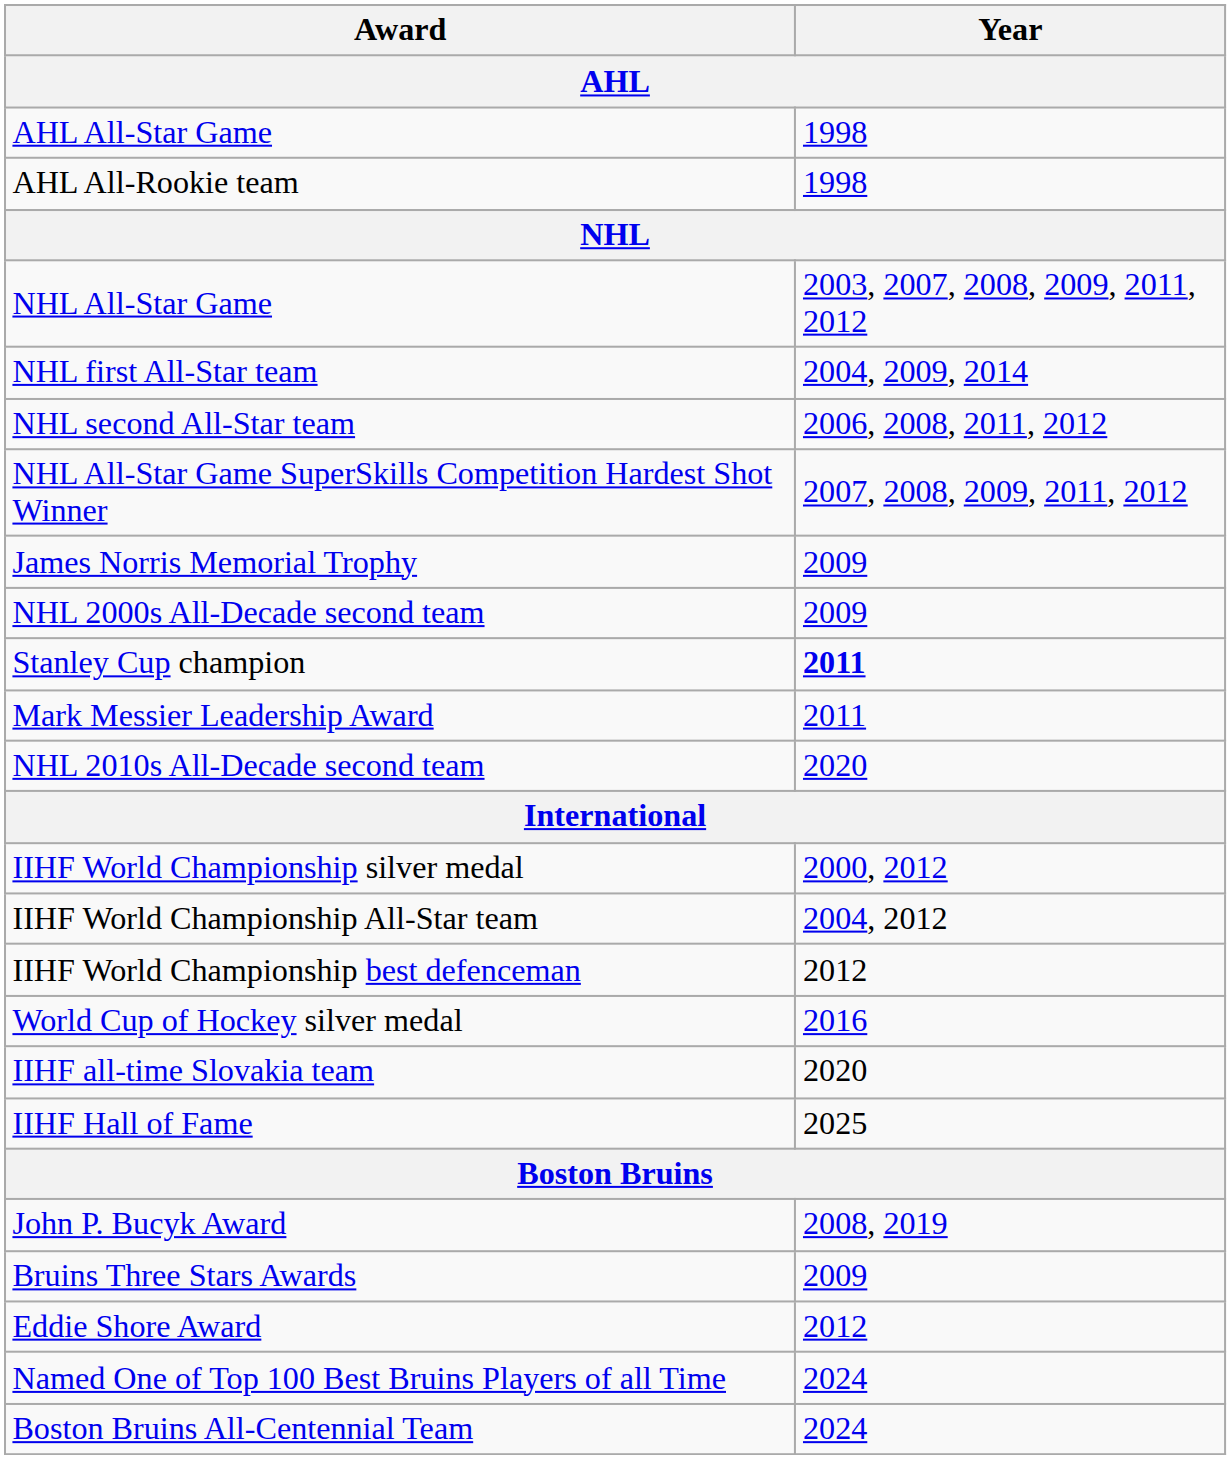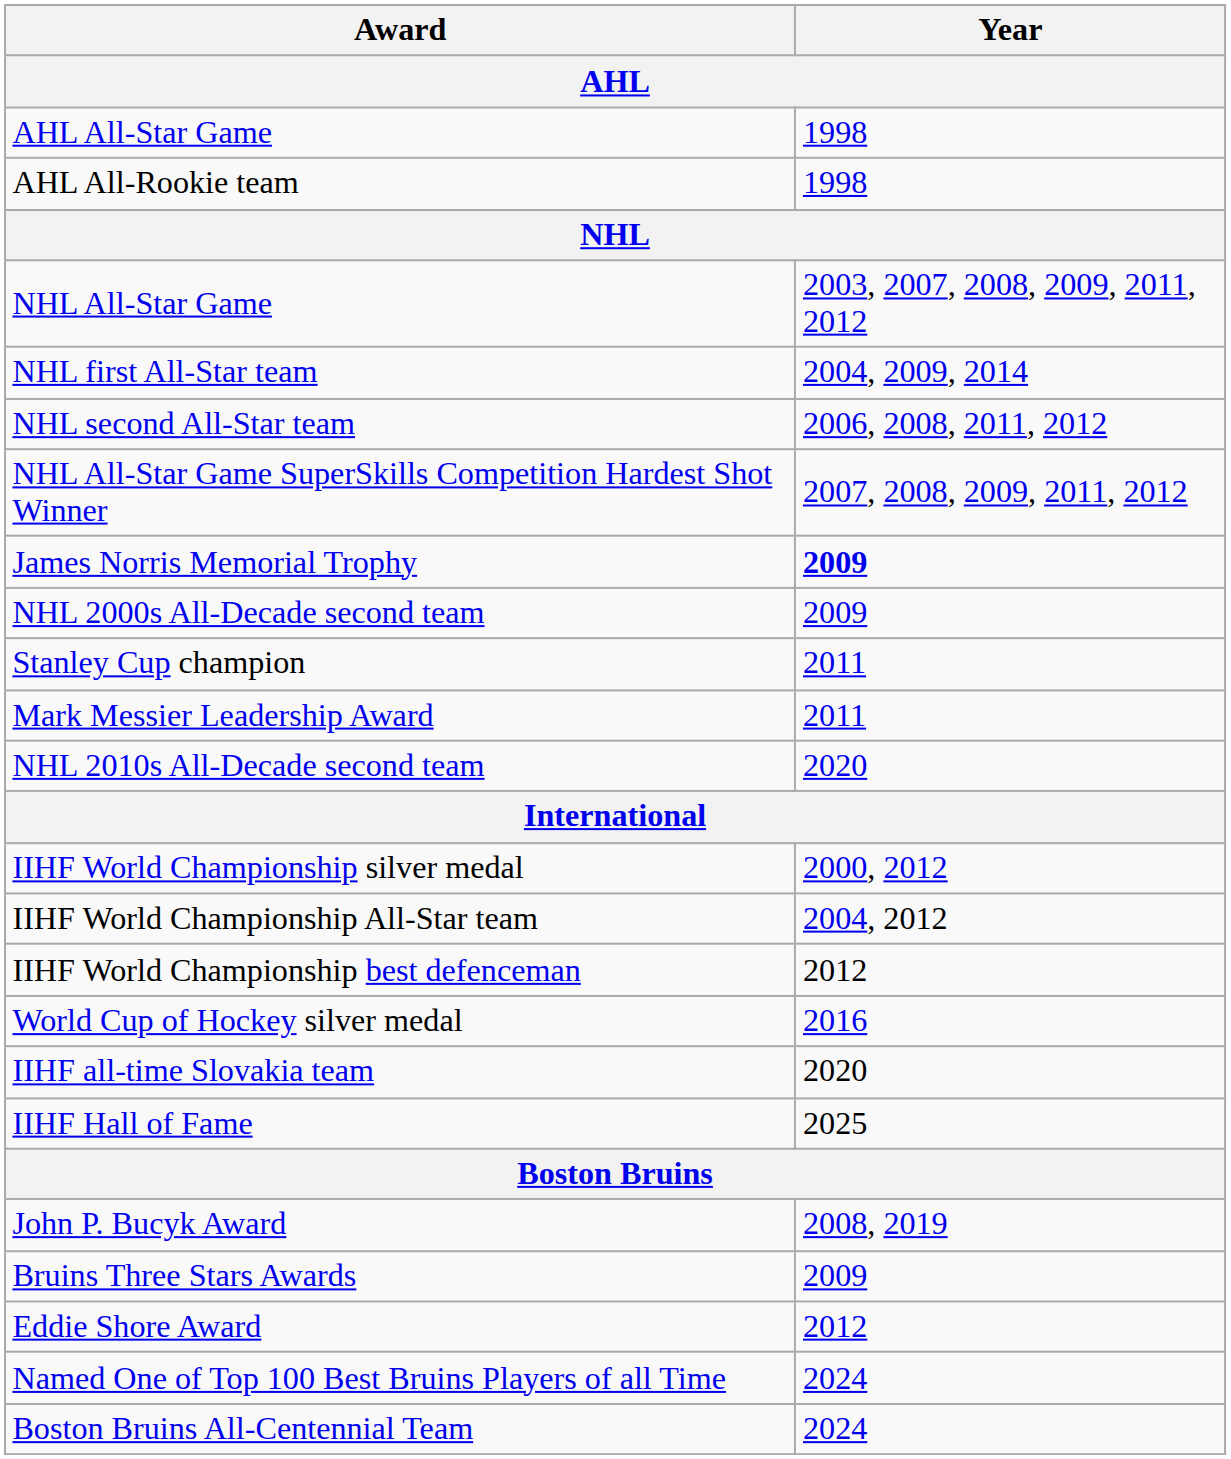 <table class="wikitable">
 <tr>
 <th>Award</th>
 <th>Year</th>
 </tr>
 <tr>
 <th colspan="2"><a href='#'>AHL</a></th>
 </tr>
 <tr>
 <td><a href='#'>AHL All-Star Game</a></td>
 <td><a href='#'>1998</a></td>
 </tr>
 <tr>
 <td>AHL All-Rookie team</td>
 <td><a href='#'>1998</a></td>
 </tr>
 <tr>
 <th colspan="2"><a href='#'>NHL</a></th>
 </tr>
 <tr>
 <td><a href='#'>NHL All-Star Game</a></td>
 <td><a href='#'>2003</a>, <a href='#'>2007</a>, <a href='#'>2008</a>, <a href='#'>2009</a>, <a href='#'>2011</a>, <a href='#'>2012</a></td>
 </tr>
 <tr>
 <td><a href='#'>NHL first All-Star team</a></td>
 <td><a href='#'>2004</a>, <a href='#'>2009</a>, <a href='#'>2014</a></td>
 </tr>
 <tr>
 <td><a href='#'>NHL second All-Star team</a></td>
 <td><a href='#'>2006</a>, <a href='#'>2008</a>, <a href='#'>2011</a>, <a href='#'>2012</a></td>
 </tr>
 <tr>
 <td><a href='#'>NHL All-Star Game SuperSkills Competition Hardest Shot Winner</a></td>
 <td><a href='#'>2007</a>, <a href='#'>2008</a>, <a href='#'>2009</a>, <a href='#'>2011</a>, <a href='#'>2012</a></td>
 </tr>
 <tr>
 <td><a href='#'>James Norris Memorial Trophy</a></td>
-<td><a href='#'>2009</a></td>
+<td><strong><a href='#'>2009</a></strong></td>
 </tr>
 <tr>
 <td><a href='#'>NHL 2000s All-Decade second team</a></td>
 <td><a href='#'>2009</a></td>
 </tr>
 <tr>
 <td><a href='#'>Stanley Cup</a> champion</td>
-<td><strong><a href='#'>2011</a></strong></td>
+<td><a href='#'>2011</a></td>
 </tr>
 <tr>
 <td><a href='#'>Mark Messier Leadership Award</a></td>
 <td><a href='#'>2011</a></td>
 </tr>
 <tr>
 <td><a href='#'>NHL 2010s All-Decade second team</a></td>
 <td><a href='#'>2020</a></td>
 </tr>
 <tr>
 <th colspan="2"><a href='#'>International</a></th>
 </tr>
 <tr>
 <td><a href='#'>IIHF World Championship</a> silver medal</td>
 <td><a href='#'>2000</a>, <a href='#'>2012</a></td>
 </tr>
 <tr>
 <td>IIHF World Championship All-Star team</td>
 <td><a href='#'>2004</a>, 2012</td>
 </tr>
 <tr>
 <td>IIHF World Championship <a href='#'>best defenceman</a></td>
 <td>2012</td>
 </tr>
 <tr>
 <td><a href='#'>World Cup of Hockey</a> silver medal</td>
 <td><a href='#'>2016</a></td>
 </tr>
 <tr>
 <td><a href='#'>IIHF all-time Slovakia team</a></td>
 <td>2020</td>
 </tr>
 <tr>
 <td><a href='#'>IIHF Hall of Fame</a></td>
 <td>2025</td>
 </tr>
 <tr>
 <th colspan="2"><a href='#'>Boston Bruins</a></th>
 </tr>
 <tr>
 <td><a href='#'>John P. Bucyk Award</a></td>
 <td><a href='#'>2008</a>, <a href='#'>2019</a></td>
 </tr>
 <tr>
 <td><a href='#'>Bruins Three Stars Awards</a></td>
 <td><a href='#'>2009</a></td>
 </tr>
 <tr>
 <td><a href='#'>Eddie Shore Award</a></td>
 <td><a href='#'>2012</a></td>
 </tr>
 <tr>
 <td><a href='#'>Named One of Top 100 Best Bruins Players of all Time</a></td>
 <td><a href='#'>2024</a></td>
 </tr>
 <tr>
 <td><a href='#'>Boston Bruins All-Centennial Team</a></td>
 <td><a href='#'>2024</a></td>
 </tr>
 </table>
